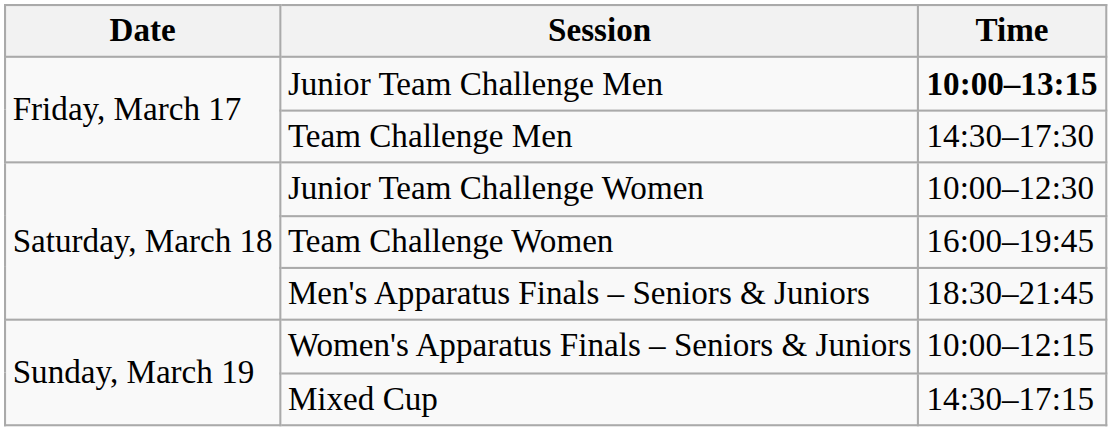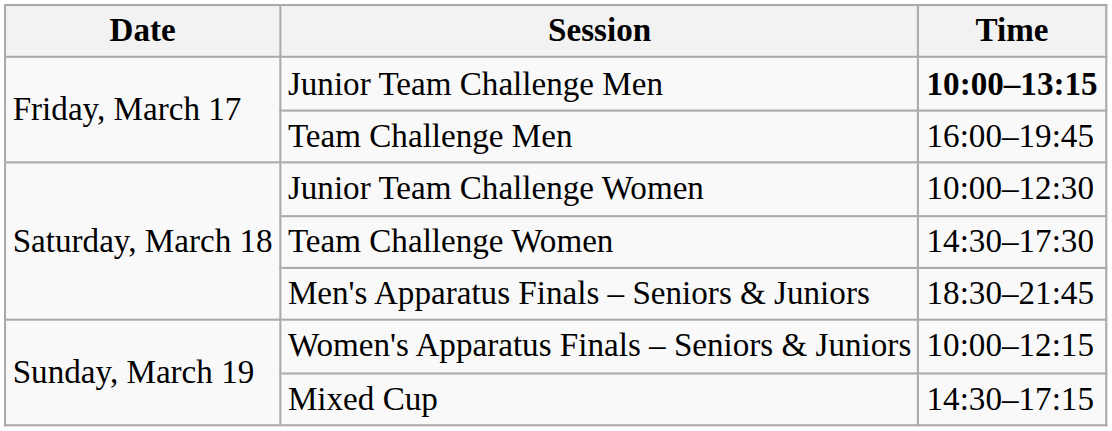 <table class="wikitable">
 <tr>
 <th>Date</th>
 <th>Session</th>
 <th>Time</th>
 </tr>
 <tr>
 <td rowspan=2>Friday, March 17</td>
 <td>Junior Team Challenge Men</td>
 <td><strong>10:00–13:15</strong></td>
 </tr>
 <tr>
 <td>Team Challenge Men</td>
-<td>14:30–17:30</td>
+<td>16:00–19:45</td>
 </tr>
 <tr>
 <td rowspan=3>Saturday, March 18</td>
 <td>Junior Team Challenge Women</td>
 <td>10:00–12:30</td>
 </tr>
 <tr>
 <td>Team Challenge Women</td>
-<td>16:00–19:45</td>
+<td>14:30–17:30</td>
 </tr>
 <tr>
 <td>Men's Apparatus Finals – Seniors & Juniors</td>
 <td>18:30–21:45</td>
 </tr>
 <tr>
 <td rowspan=2>Sunday, March 19</td>
 <td>Women's Apparatus Finals – Seniors & Juniors</td>
 <td>10:00–12:15</td>
 </tr>
 <tr>
 <td>Mixed Cup</td>
 <td>14:30–17:15</td>
 </tr>
 </table>
